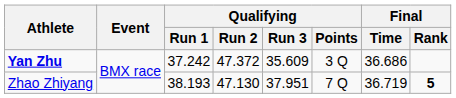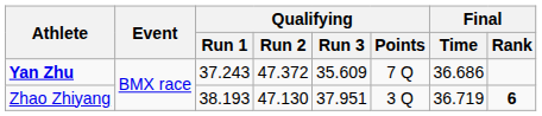 <table class="wikitable"  style="font-size:90%; display:inline-table;">
 <tr>
 <th rowspan=2>Athlete</th>
 <th rowspan=2>Event</th>
 <th colspan=4>Qualifying</th>
 <th colspan=2>Final</th>
 </tr>
 <tr>
 <th>Run 1</th>
 <th>Run 2</th>
 <th>Run 3</th>
 <th>Points</th>
 <th>Time</th>
 <th>Rank</th>
 </tr>
 <tr>
 <td><strong><a href='#'>Yan Zhu</a></strong></td>
 <td rowspan=2><a href='#'>BMX race</a></td>
-<td align=center>37.242</td>
+<td align=center>37.243</td>
 <td align=center>47.372</td>
 <td align=center>35.609</td>
-<td align=center>3 Q</td>
+<td align=center>7 Q</td>
 <td align=center>36.686</td>
 <td align=center></td>
 </tr>
 <tr>
 <td><a href='#'>Zhao Zhiyang</a></td>
 <td align=center>38.193</td>
 <td align=center>47.130</td>
 <td align=center>37.951</td>
-<td align=center>7 Q</td>
+<td align=center>3 Q</td>
 <td align=center>36.719</td>
-<td align=center><strong>5</strong></td>
+<td align=center><strong>6</strong></td>
 </tr>
 </table>
